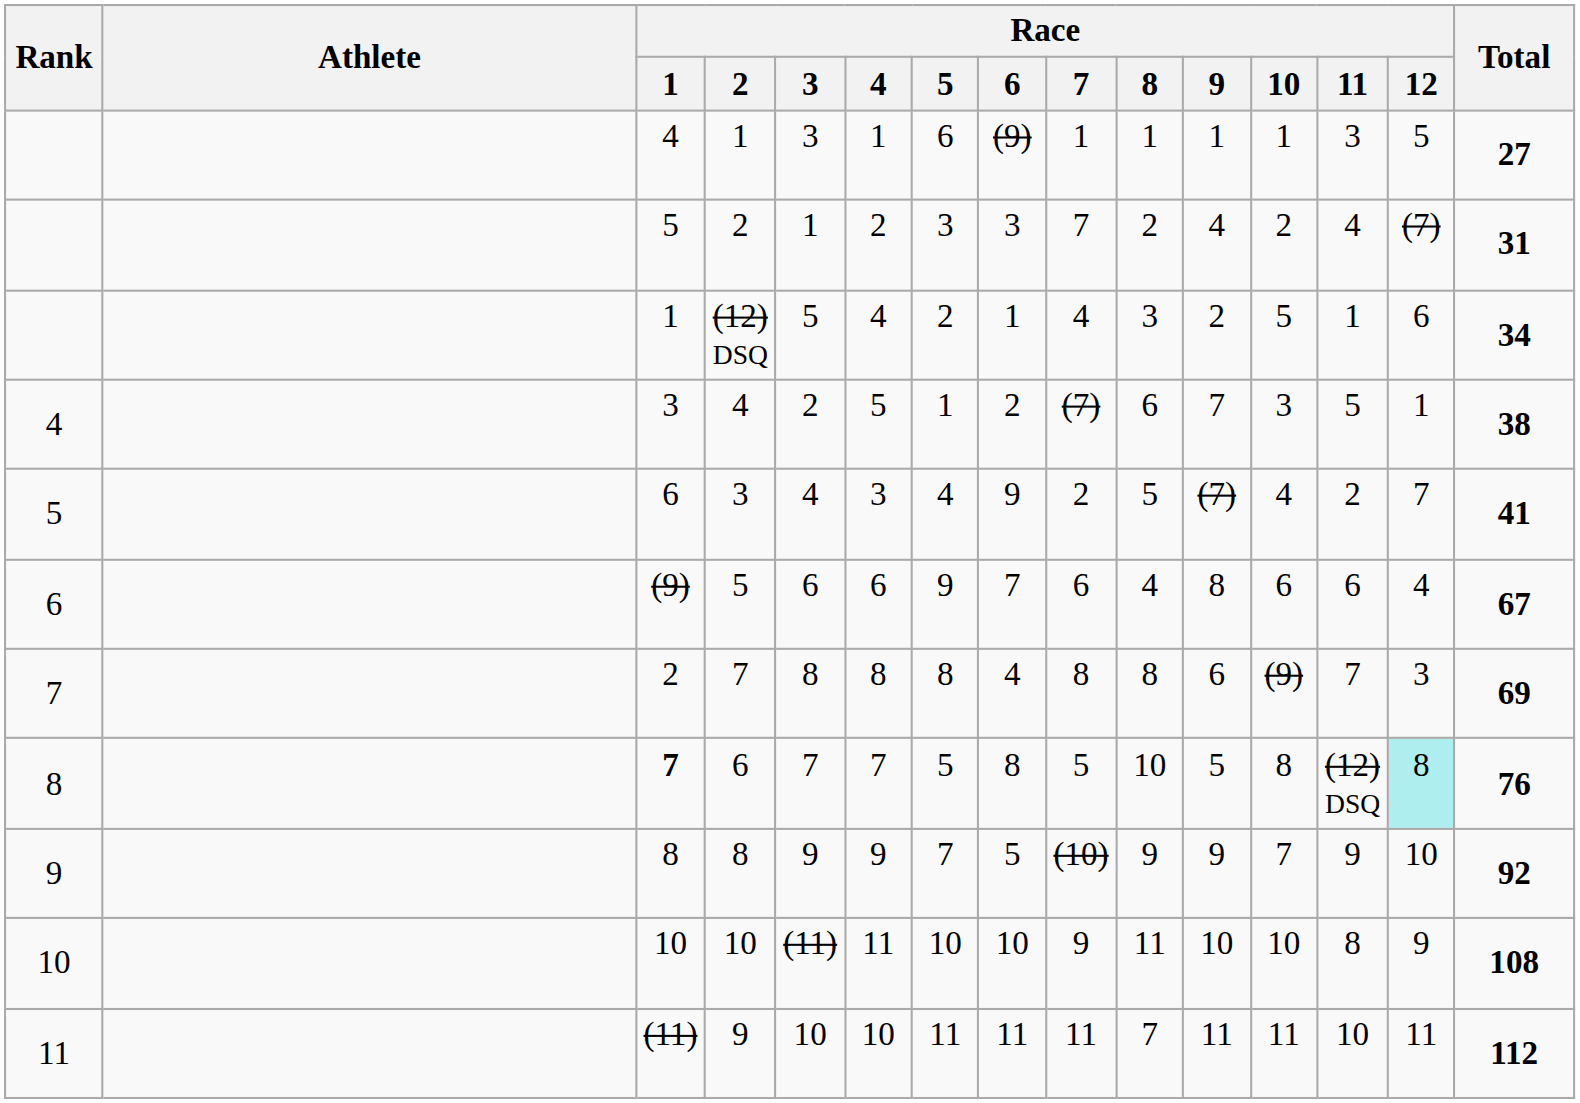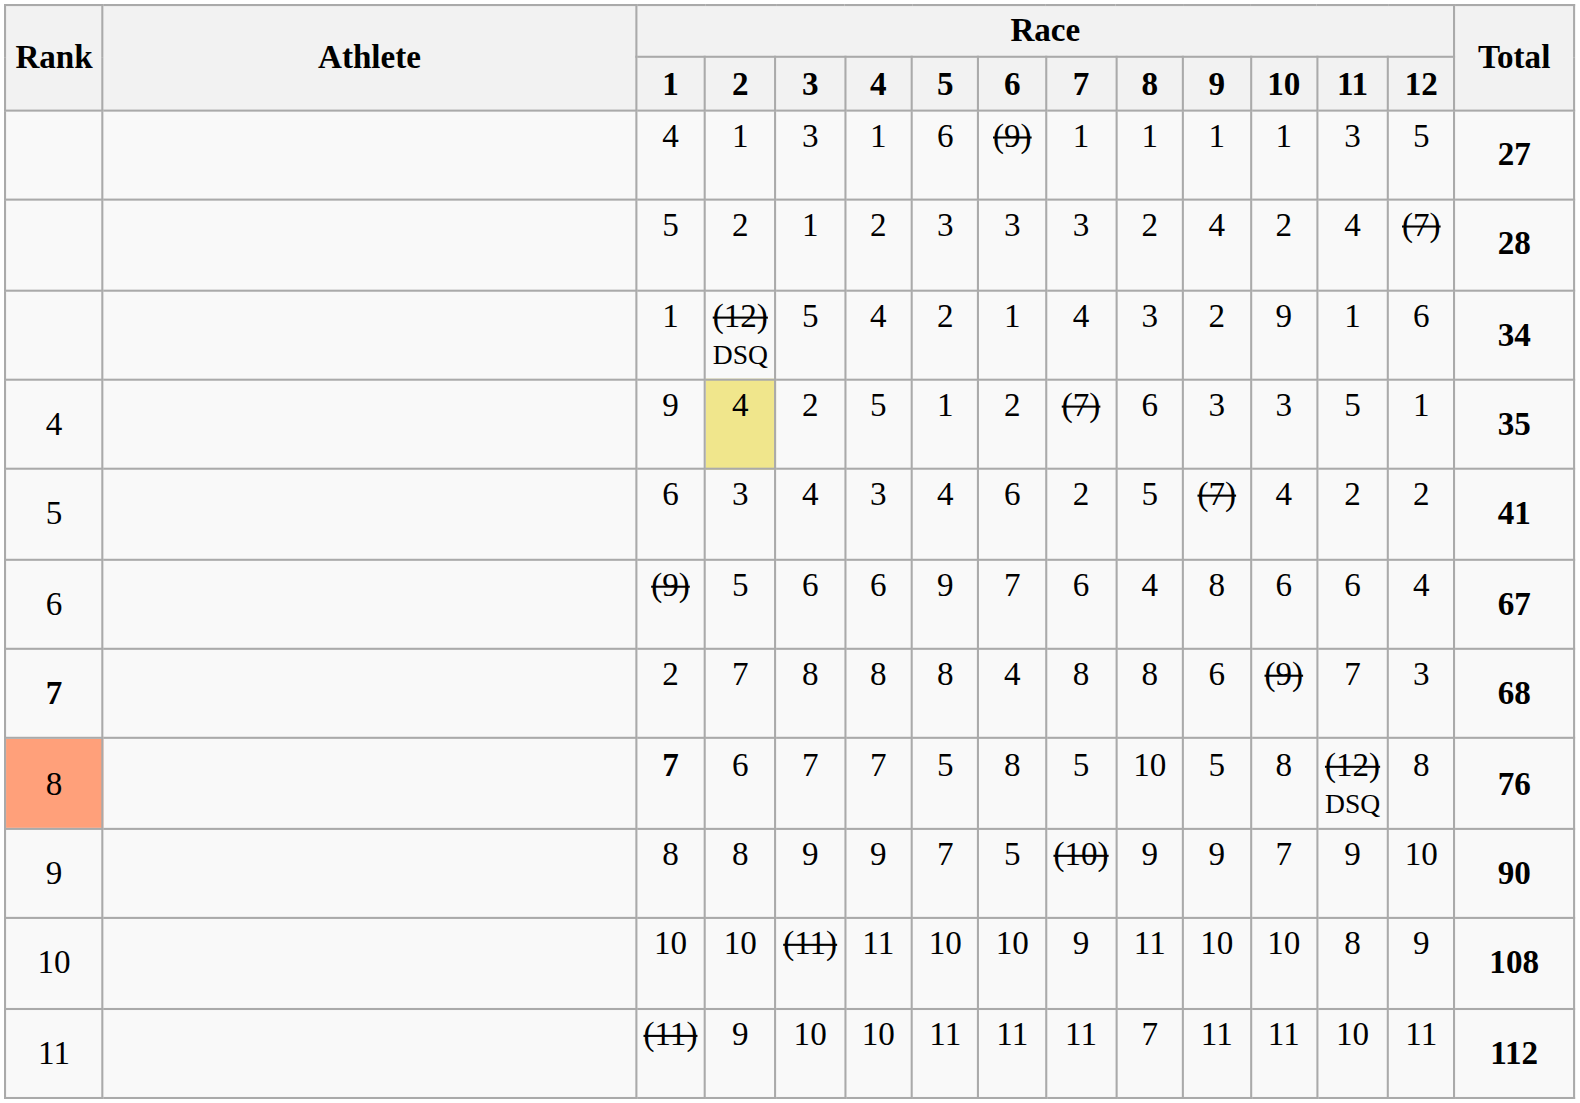 <table | class="wikitable" style="text-align:center">
 <tr>
 <th rowspan="2" width=40>Rank</th>
 <th rowspan="2" width=250>Athlete</th>
 <th colspan="12">Race</th>
 <th rowspan="2" width=50>Total</th>
 </tr>
 <tr>
 <th width=25>1</th>
 <th width=25>2</th>
 <th width=25>3</th>
 <th width=25>4</th>
 <th width=25>5</th>
 <th width=25>6</th>
 <th width=25>7</th>
 <th width=25>8</th>
 <th width=25>9</th>
 <th width=25>10</th>
 <th width=25>11</th>
 <th width=25>12</th>
 </tr>
 <tr>
 <td></td>
 <td align=left></td>
 <td>4<br> </td>
 <td>1<br> </td>
 <td>3<br> </td>
 <td>1<br> </td>
 <td>6<br> </td>
 <td><s>(9)</s><br> </td>
 <td>1<br> </td>
 <td>1<br> </td>
 <td>1<br> </td>
 <td>1<br> </td>
 <td>3<br> </td>
 <td>5<br> </td>
 <td><strong>27</strong></td>
 </tr>
 <tr>
 <td></td>
 <td align=left></td>
 <td>5<br> </td>
 <td>2<br> </td>
 <td>1<br> </td>
 <td>2<br> </td>
 <td>3<br> </td>
 <td>3<br> </td>
-<td>7<br> </td>
+<td>3<br> </td>
 <td>2<br> </td>
 <td>4<br> </td>
 <td>2<br> </td>
 <td>4<br> </td>
 <td><s>(7)</s><br> </td>
-<td><strong>31</strong></td>
+<td><strong>28</strong></td>
 </tr>
 <tr>
 <td></td>
 <td align=left></td>
 <td>1<br> </td>
 <td><s>(12)</s><br><small>DSQ</small></td>
 <td>5<br> </td>
 <td>4<br> </td>
 <td>2<br> </td>
 <td>1<br> </td>
 <td>4<br> </td>
 <td>3<br> </td>
 <td>2<br> </td>
-<td>5<br> </td>
+<td>9<br> </td>
 <td>1<br> </td>
 <td>6<br> </td>
 <td><strong>34</strong></td>
 </tr>
 <tr>
 <td>4</td>
 <td align=left></td>
-<td>3<br> </td>
-<td>4<br> </td>
+<td>9<br> </td>
+<td style="background: khaki;">4<br> </td>
 <td>2<br> </td>
 <td>5<br> </td>
 <td>1<br> </td>
 <td>2<br> </td>
 <td><s>(7)</s><br> </td>
 <td>6<br> </td>
-<td>7<br> </td>
+<td>3<br> </td>
 <td>3<br> </td>
 <td>5<br> </td>
 <td>1<br> </td>
-<td><strong>38</strong></td>
+<td><strong>35</strong></td>
 </tr>
 <tr>
 <td>5</td>
 <td align=left></td>
 <td>6<br> </td>
 <td>3<br> </td>
 <td>4<br> </td>
 <td>3<br> </td>
 <td>4<br> </td>
-<td>9<br> </td>
+<td>6<br> </td>
 <td>2<br> </td>
 <td>5<br> </td>
 <td><s>(7)</s><br> </td>
 <td>4<br> </td>
 <td>2<br> </td>
-<td>7<br> </td>
+<td>2<br> </td>
 <td><strong>41</strong></td>
 </tr>
 <tr>
 <td>6</td>
 <td align=left></td>
 <td><s>(9)</s><br> </td>
 <td>5<br> </td>
 <td>6<br> </td>
 <td>6<br> </td>
 <td>9<br> </td>
 <td>7<br> </td>
 <td>6<br> </td>
 <td>4<br> </td>
 <td>8<br> </td>
 <td>6<br> </td>
 <td>6<br> </td>
 <td>4<br> </td>
 <td><strong>67</strong></td>
 </tr>
 <tr>
-<td>7</td>
+<td><strong>7</strong></td>
 <td align=left></td>
 <td>2<br> </td>
 <td>7<br> </td>
 <td>8<br> </td>
 <td>8<br> </td>
 <td>8<br> </td>
 <td>4<br> </td>
 <td>8<br> </td>
 <td>8<br> </td>
 <td>6<br> </td>
 <td><s>(9)</s><br> </td>
 <td>7<br> </td>
 <td>3<br> </td>
-<td><strong>69</strong></td>
+<td><strong>68</strong></td>
 </tr>
 <tr>
-<td>8</td>
+<td style="background: lightsalmon;">8</td>
 <td align=left></td>
 <td><strong>7<br> </strong></td>
 <td>6<br> </td>
 <td>7<br> </td>
 <td>7<br> </td>
 <td>5<br> </td>
 <td>8<br> </td>
 <td>5<br> </td>
 <td>10<br> </td>
 <td>5<br> </td>
 <td>8<br> </td>
 <td><s>(12)</s><br><small>DSQ</small></td>
-<td style="background: paleturquoise;">8<br> </td>
+<td>8<br> </td>
 <td><strong>76</strong></td>
 </tr>
 <tr>
 <td>9</td>
 <td align=left></td>
 <td>8<br> </td>
 <td>8<br> </td>
 <td>9<br> </td>
 <td>9<br> </td>
 <td>7<br> </td>
 <td>5<br> </td>
 <td><s>(10)</s><br> </td>
 <td>9<br> </td>
 <td>9<br> </td>
 <td>7<br> </td>
 <td>9<br> </td>
 <td>10<br> </td>
-<td><strong>92</strong></td>
+<td><strong>90</strong></td>
 </tr>
 <tr>
 <td>10</td>
 <td align=left></td>
 <td>10<br> </td>
 <td>10<br> </td>
 <td><s>(11)</s><br> </td>
 <td>11<br> </td>
 <td>10<br> </td>
 <td>10<br> </td>
 <td>9<br> </td>
 <td>11<br> </td>
 <td>10<br> </td>
 <td>10<br> </td>
 <td>8<br> </td>
 <td>9<br> </td>
 <td><strong>108</strong></td>
 </tr>
 <tr>
 <td>11</td>
 <td align=left></td>
 <td><s>(11)</s><br> </td>
 <td>9<br> </td>
 <td>10<br> </td>
 <td>10<br> </td>
 <td>11<br> </td>
 <td>11<br> </td>
 <td>11<br> </td>
 <td>7<br> </td>
 <td>11<br> </td>
 <td>11<br> </td>
 <td>10<br> </td>
 <td>11<br> </td>
 <td><strong>112</strong></td>
 </tr>
 </table>
